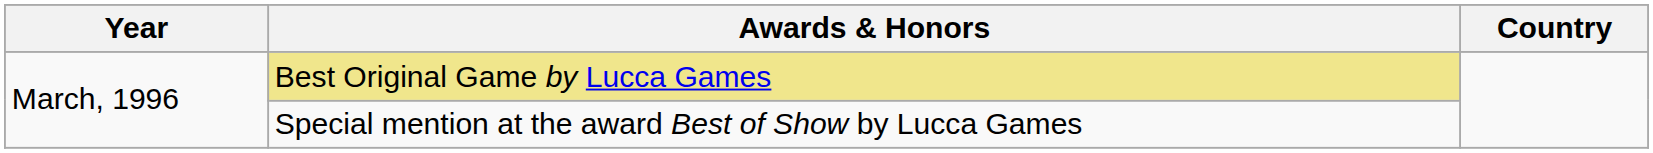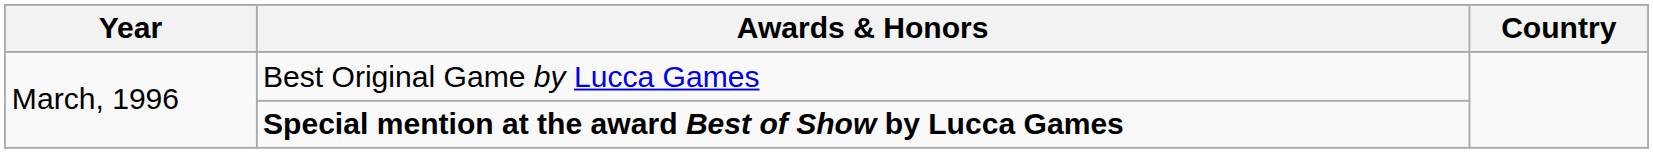 <table class="wikitable sortable" width="99%">
 <tr>
 <th>Year</th>
 <th>Awards & Honors</th>
 <th>Country</th>
 </tr>
 <tr>
 <td rowspan="2">March, 1996</td>
-<td style="background: khaki;">Best Original Game <em>by</em> <a href='#'>Lucca Games</a></td>
+<td>Best Original Game <em>by</em> <a href='#'>Lucca Games</a></td>
 <td rowspan="2"></td>
 </tr>
 <tr>
-<td>Special mention at the award <em>Best of Show</em> by Lucca Games </td>
+<td><strong>Special mention at the award <em>Best of Show</em> by Lucca Games </strong></td>
 </tr>
 </table>
